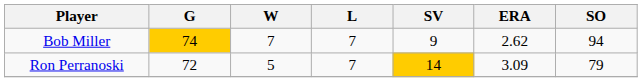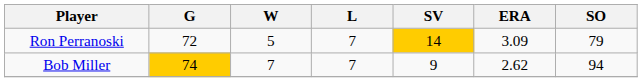 <table class="wikitable sortable">
 <tr>
 <th bgcolor="#DDDDFF" width="16%">Player</th>
 <th bgcolor="#DDDDFF" width="9%">G</th>
 <th bgcolor="#DDDDFF" width="9%">W</th>
 <th bgcolor="#DDDDFF" width="9%">L</th>
 <th bgcolor="#DDDDFF" width="9%">SV</th>
 <th bgcolor="#DDDDFF" width="9%">ERA</th>
 <th bgcolor="#DDDDFF" width="9%">SO</th>
+</tr>
+<tr align="center">
+<td><a href='#'>Ron Perranoski</a></td>
+<td>72</td>
+<td>5</td>
+<td>7</td>
+<td style="background:#fc0;">14</td>
+<td>3.09</td>
+<td>79</td>
 </tr>
 <tr align=center>
 <td><a href='#'>Bob Miller</a></td>
 <td style="background:#fc0;">74</td>
 <td>7</td>
 <td>7</td>
 <td>9</td>
 <td>2.62</td>
 <td>94</td>
 </tr>
 <tr align="center">
-<td><a href='#'>Ron Perranoski</a></td>
-<td>72</td>
-<td>5</td>
-<td>7</td>
-<td style="background:#fc0;">14</td>
-<td>3.09</td>
-<td>79</td>
-</tr>
-<tr align="center">
 </tr>
 </table>
